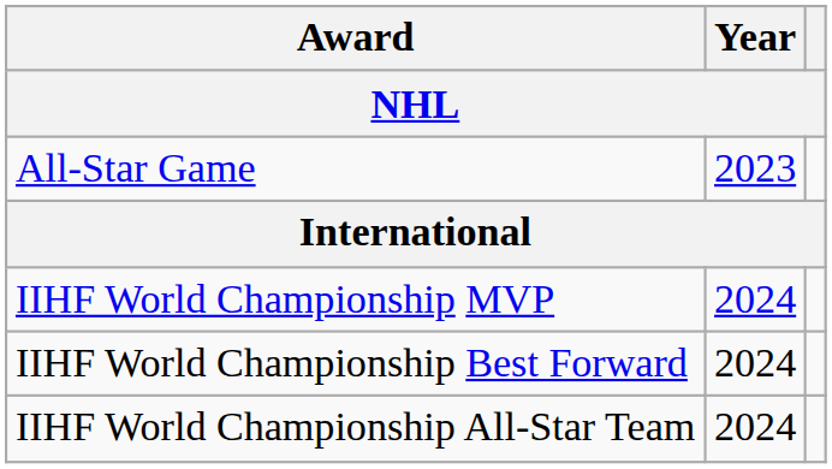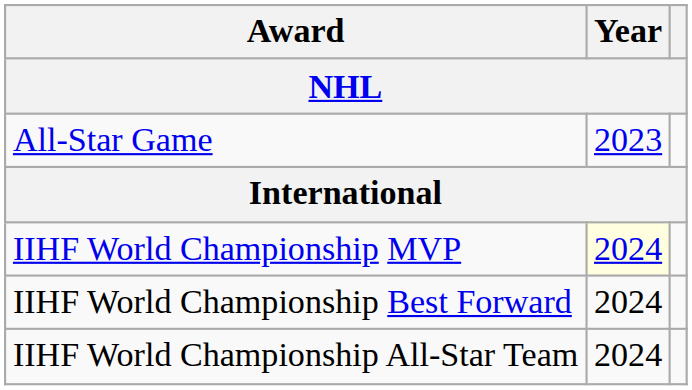 <table class="wikitable">
 <tr>
 <th>Award</th>
 <th>Year</th>
 <th></th>
 </tr>
 <tr ALIGN="center" bgcolor="#e0e0e0">
 <th colspan="3"><a href='#'>NHL</a></th>
 </tr>
 <tr>
 <td><a href='#'>All-Star Game</a></td>
 <td><a href='#'>2023</a></td>
 <td></td>
 </tr>
 <tr ALIGN="center" bgcolor="#e0e0e0">
 <th colspan="3">International</th>
 </tr>
 <tr>
 <td><a href='#'>IIHF World Championship</a> <a href='#'>MVP</a></td>
-<td><a href='#'>2024</a></td>
+<td style="background: lightyellow;"><a href='#'>2024</a></td>
 <td></td>
 </tr>
 <tr>
 <td>IIHF World Championship <a href='#'>Best Forward</a></td>
 <td>2024</td>
 <td></td>
 </tr>
 <tr>
 <td>IIHF World Championship All-Star Team</td>
 <td>2024</td>
 <td></td>
 </tr>
 </table>
